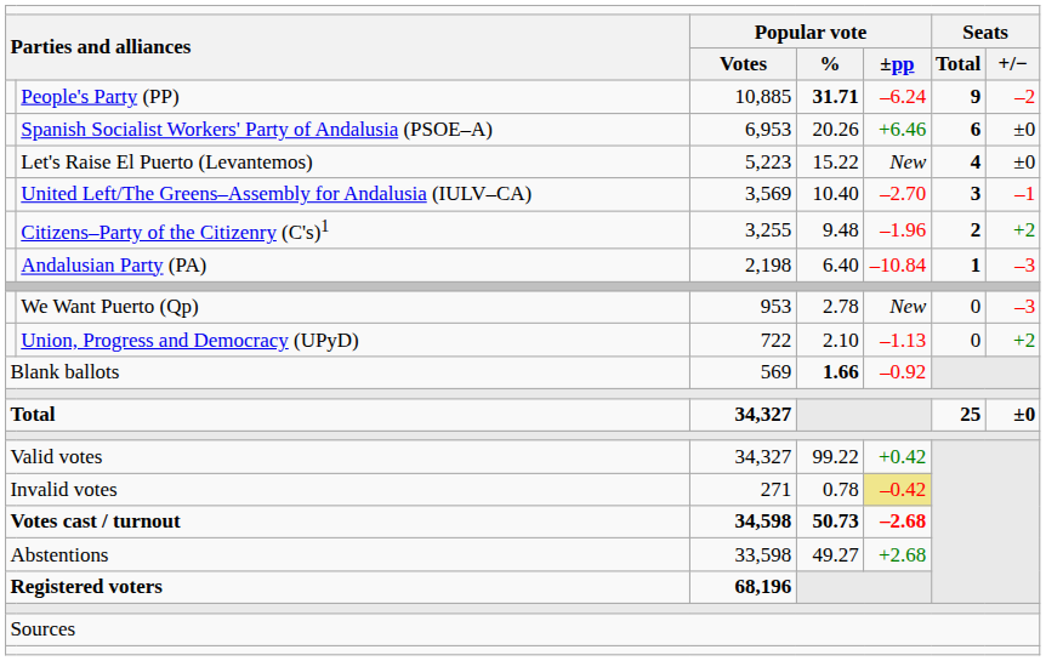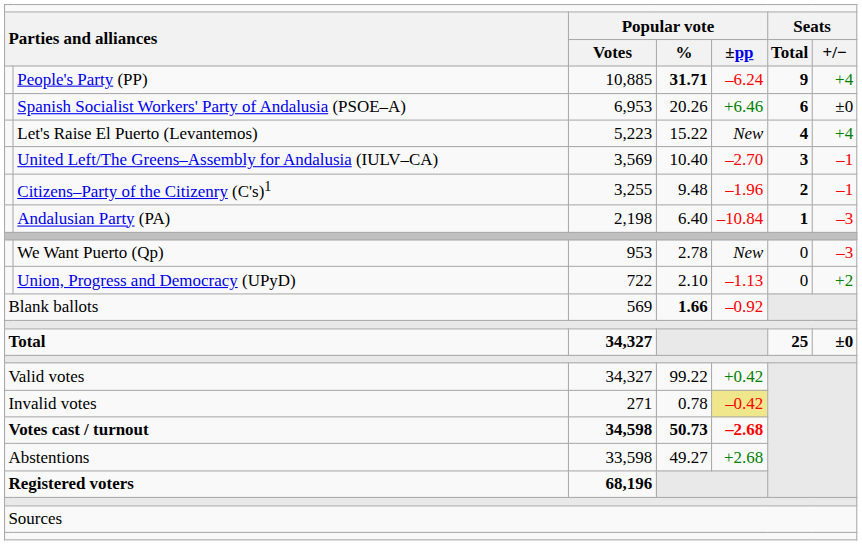 <table class="wikitable" style="text-align:right;">
 <tr>
 <td colspan="7"></td>
 </tr>
 <tr>
 <th style="text-align:left;" rowspan="2" colspan="2" width="525">Parties and alliances</th>
 <th colspan="3">Popular vote</th>
 <th colspan="2">Seats</th>
 </tr>
 <tr>
 <th width="75">Votes</th>
 <th width="45">%</th>
 <th width="45">±<a href='#'>pp</a></th>
 <th width="35">Total</th>
 <th width="35">+/−</th>
 </tr>
 <tr>
 <td width="1" style="color:inherit;background:"></td>
 <td align="left"><a href='#'>People's Party</a> (PP)</td>
 <td>10,885</td>
 <td><strong>31.71</strong></td>
 <td style="color:red;">–6.24</td>
 <td><strong>9</strong></td>
-<td style="color:red;">–2</td>
+<td style="color:green;">+4</td>
 </tr>
 <tr>
 <td style="color:inherit;background:"></td>
 <td align="left"><a href='#'>Spanish Socialist Workers' Party of Andalusia</a> (PSOE–A)</td>
 <td>6,953</td>
 <td>20.26</td>
 <td style="color:green;">+6.46</td>
 <td><strong>6</strong></td>
 <td>±0</td>
 </tr>
 <tr>
 <td style="color:inherit;background:"></td>
 <td align="left">Let's Raise El Puerto (Levantemos)</td>
 <td>5,223</td>
 <td>15.22</td>
 <td><em>New</em></td>
 <td><strong>4</strong></td>
-<td>±0</td>
+<td style="color:green;">+4</td>
 </tr>
 <tr>
 <td style="color:inherit;background:"></td>
 <td align="left"><a href='#'>United Left/The Greens–Assembly for Andalusia</a> (IULV–CA)</td>
 <td>3,569</td>
 <td>10.40</td>
 <td style="color:red;">–2.70</td>
 <td><strong>3</strong></td>
 <td style="color:red;">–1</td>
 </tr>
 <tr>
 <td style="color:inherit;background:"></td>
 <td align="left"><a href='#'>Citizens–Party of the Citizenry</a> (C's)<sup>1</sup></td>
 <td>3,255</td>
 <td>9.48</td>
 <td style="color:red;">–1.96</td>
 <td><strong>2</strong></td>
-<td style="color:green;">+2</td>
+<td style="color:red;">–1</td>
 </tr>
 <tr>
 <td style="color:inherit;background:"></td>
 <td align="left"><a href='#'>Andalusian Party</a> (PA)</td>
 <td>2,198</td>
 <td>6.40</td>
 <td style="color:red;">–10.84</td>
 <td><strong>1</strong></td>
 <td style="color:red;">–3</td>
 </tr>
 <tr>
 <td colspan="7" bgcolor="#C0C0C0"></td>
 </tr>
 <tr>
 <td style="color:inherit;background:"></td>
 <td align="left">We Want Puerto (Qp)</td>
 <td>953</td>
 <td>2.78</td>
 <td><em>New</em></td>
 <td>0</td>
 <td style="color:red;">–3</td>
 </tr>
 <tr>
 <td style="color:inherit;background:"></td>
 <td align="left"><a href='#'>Union, Progress and Democracy</a> (UPyD)</td>
 <td>722</td>
 <td>2.10</td>
 <td style="color:red;">–1.13</td>
 <td>0</td>
 <td style="color:green;">+2</td>
 </tr>
 <tr>
 <td align="left" colspan="2">Blank ballots</td>
 <td>569</td>
 <td><strong>1.66</strong></td>
 <td style="color:red;">–0.92</td>
 <td bgcolor="#E9E9E9" colspan="2"></td>
 </tr>
 <tr>
 <td colspan="7" bgcolor="#E9E9E9"></td>
 </tr>
 <tr style="font-weight:bold;">
 <td align="left" colspan="2">Total</td>
 <td>34,327</td>
 <td bgcolor="#E9E9E9" colspan="2"></td>
 <td>25</td>
 <td>±0</td>
 </tr>
 <tr>
 <td colspan="7" bgcolor="#E9E9E9"></td>
 </tr>
 <tr>
 <td align="left" colspan="2">Valid votes</td>
 <td>34,327</td>
 <td>99.22</td>
 <td style="color:green;">+0.42</td>
 <td bgcolor="#E9E9E9" colspan="2" rowspan="5"></td>
 </tr>
 <tr>
 <td align="left" colspan="2">Invalid votes</td>
 <td>271</td>
 <td>0.78</td>
 <td style="background: khaki; color:red;">–0.42</td>
 </tr>
 <tr style="font-weight:bold;">
 <td align="left" colspan="2">Votes cast / turnout</td>
 <td>34,598</td>
 <td>50.73</td>
 <td style="color:red;">–2.68</td>
 </tr>
 <tr>
 <td align="left" colspan="2">Abstentions</td>
 <td>33,598</td>
 <td>49.27</td>
 <td style="color:green;">+2.68</td>
 </tr>
 <tr style="font-weight:bold;">
 <td align="left" colspan="2">Registered voters</td>
 <td>68,196</td>
 <td bgcolor="#E9E9E9" colspan="2"></td>
 </tr>
 <tr>
 <td colspan="7" bgcolor="#E9E9E9"></td>
 </tr>
 <tr>
 <td align="left" colspan="7">Sources</td>
 </tr>
 <tr>
 <td colspan="7" style="text-align:left; max-width:790px;"></td>
 </tr>
 </table>
